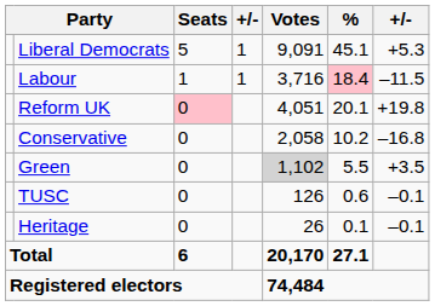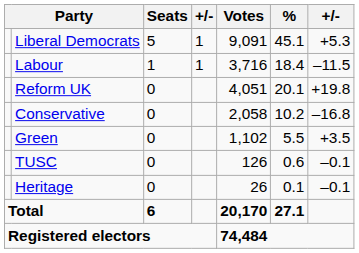 <table class="wikitable sortable">
 <tr>
 <th colspan="2">Party</th>
 <th>Seats</th>
 <th>+/-</th>
 <th>Votes</th>
 <th>%</th>
 <th>+/-</th>
 </tr>
 <tr>
 <td style="background-color: "></td>
 <td><a href='#'>Liberal Democrats</a></td>
 <td>5</td>
 <td> 1</td>
 <td style="text-align:right;">9,091</td>
 <td style="text-align:right;">45.1</td>
 <td style="text-align:right;">+5.3</td>
 </tr>
 <tr>
 <td style="background-color: "></td>
 <td><a href='#'>Labour</a></td>
 <td>1</td>
 <td> 1</td>
 <td style="text-align:right;">3,716</td>
-<td style="background: pink; text-align:right;">18.4</td>
+<td style="text-align:right;">18.4</td>
 <td style="text-align:right;">–11.5</td>
 </tr>
 <tr>
 <td style="background-color: "></td>
 <td><a href='#'>Reform UK</a></td>
-<td style="background: pink;">0</td>
+<td>0</td>
 <td></td>
 <td style="text-align:right;">4,051</td>
 <td style="text-align:right;">20.1</td>
 <td style="text-align:right;">+19.8</td>
 </tr>
 <tr>
 <td style="background-color: "></td>
 <td><a href='#'>Conservative</a></td>
 <td>0</td>
 <td></td>
 <td style="text-align:right;">2,058</td>
 <td style="text-align:right;">10.2</td>
 <td style="text-align:right;">–16.8</td>
 </tr>
 <tr>
 <td style="background-color: "></td>
 <td><a href='#'>Green</a></td>
 <td>0</td>
 <td></td>
-<td style="background: lightgrey; text-align:right;">1,102</td>
+<td style="text-align:right;">1,102</td>
 <td style="text-align:right;">5.5</td>
 <td style="text-align:right;">+3.5</td>
 </tr>
 <tr>
 <td style="background-color: "></td>
 <td><a href='#'>TUSC</a></td>
 <td>0</td>
 <td></td>
 <td style="text-align:right;">126</td>
 <td style="text-align:right;">0.6</td>
 <td style="text-align:right;">–0.1</td>
 </tr>
 <tr>
 <td style="background-color: "></td>
 <td><a href='#'>Heritage</a></td>
 <td>0</td>
 <td></td>
 <td style="text-align:right;">26</td>
 <td style="text-align:right;">0.1</td>
 <td style="text-align:right;">–0.1</td>
 </tr>
 <tr>
 <td colspan="2"><strong>Total</strong></td>
 <td><strong>6</strong></td>
 <td></td>
 <td style="text-align:right;"><strong>20,170</strong></td>
 <td style="text-align:right;"><strong>27.1</strong></td>
 <td style="text-align:right;"></td>
 </tr>
 <tr>
 <td colspan="4"><strong>Registered electors</strong></td>
 <td colspan="3" style="text-align:left;"><strong>74,484</strong></td>
 </tr>
 </table>
